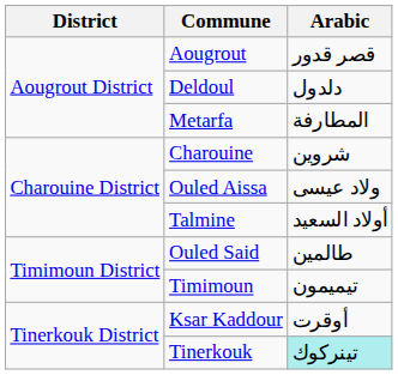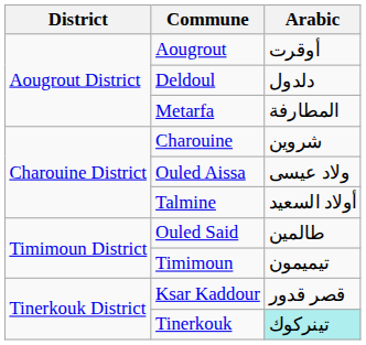 <table class="wikitable sortable">
 <tr>
 <th>District</th>
 <th>Commune</th>
 <th>Arabic</th>
 </tr>
 <tr>
 <td rowspan="3"><a href='#'>Aougrout District</a></td>
 <td><a href='#'>Aougrout</a></td>
-<td>قصر قدور</td>
+<td>أوﻗﺮت</td>
 </tr>
 <tr>
 <td><a href='#'>Deldoul</a></td>
 <td>دﻟﺪول</td>
 </tr>
 <tr>
 <td><a href='#'>Metarfa</a></td>
 <td>المطارفة</td>
 </tr>
 <tr>
 <td rowspan="3"><a href='#'>Charouine District</a></td>
 <td><a href='#'>Charouine</a></td>
 <td>ﺷﺮوﻳﻦ</td>
 </tr>
 <tr>
 <td><a href='#'>Ouled Aissa</a></td>
 <td>وﻻد ﻋﻴﺴﻰ</td>
 </tr>
 <tr>
 <td><a href='#'>Talmine</a></td>
 <td>أولاد السعيد</td>
 </tr>
 <tr>
 <td rowspan="2"><a href='#'>Timimoun District</a></td>
 <td><a href='#'>Ouled Said</a></td>
 <td>ﻃﺎﻟﻤﻴﻦ</td>
 </tr>
 <tr>
 <td><a href='#'>Timimoun</a></td>
 <td>ﺗﻴﻤﻴﻤﻮن</td>
 </tr>
 <tr>
 <td rowspan="2"><a href='#'>Tinerkouk District</a></td>
 <td><a href='#'>Ksar Kaddour</a></td>
-<td>أوﻗﺮت</td>
+<td>قصر قدور</td>
 </tr>
 <tr>
 <td><a href='#'>Tinerkouk</a></td>
 <td style="background: paleturquoise;">تينركوك</td>
 </tr>
 </table>
